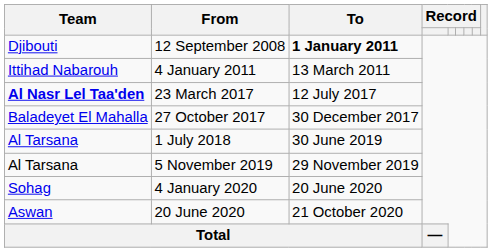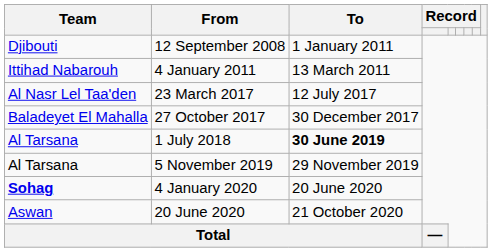 <table class=wikitable style=text-align:center>
 <tr>
 <th rowspan=2>Team</th>
 <th rowspan=2>From</th>
 <th rowspan=2>To</th>
 <th colspan=5>Record</th>
 <th rowspan=2></th>
 </tr>
 <tr>
 <th></th>
 <th></th>
 <th></th>
 <th></th>
 <th></th>
 </tr>
 <tr>
 <td align=left><a href='#'>Djibouti</a></td>
 <td align=left>12 September 2008</td>
-<td align=left><strong>1 January 2011<br></strong></td>
+<td align=left>1 January 2011<br></td>
 </tr>
 <tr>
 <td align=left><a href='#'>Ittihad Nabarouh</a></td>
 <td align=left>4 January 2011</td>
 <td align=left>13 March 2011<br></td>
 </tr>
 <tr>
-<td align=left><strong><a href='#'>Al Nasr Lel Taa'den</a></strong></td>
+<td align=left><a href='#'>Al Nasr Lel Taa'den</a></td>
 <td align=left>23 March 2017</td>
 <td align=left>12 July 2017<br></td>
 </tr>
 <tr>
 <td align=left><a href='#'>Baladeyet El Mahalla</a></td>
 <td align=left>27 October 2017</td>
 <td align=left>30 December 2017<br></td>
 </tr>
 <tr>
 <td align=left><a href='#'>Al Tarsana</a></td>
 <td align=left>1 July 2018</td>
-<td align=left>30 June 2019<br></td>
+<td align=left><strong>30 June 2019<br></strong></td>
 </tr>
 <tr>
 <td align=left>Al Tarsana</td>
 <td align=left>5 November 2019</td>
 <td align=left>29 November 2019<br></td>
 </tr>
 <tr>
-<td align=left><a href='#'>Sohag</a></td>
+<td align=left><strong><a href='#'>Sohag</a></strong></td>
 <td align=left>4 January 2020</td>
 <td align=left>20 June 2020<br></td>
 </tr>
 <tr>
 <td align=left><a href='#'>Aswan</a></td>
 <td align=left>20 June 2020</td>
 <td align=left>21 October 2020<br></td>
 </tr>
 <tr>
 <th colspan=3>Total<br></th>
 <th>—</th>
 </tr>
 </table>
